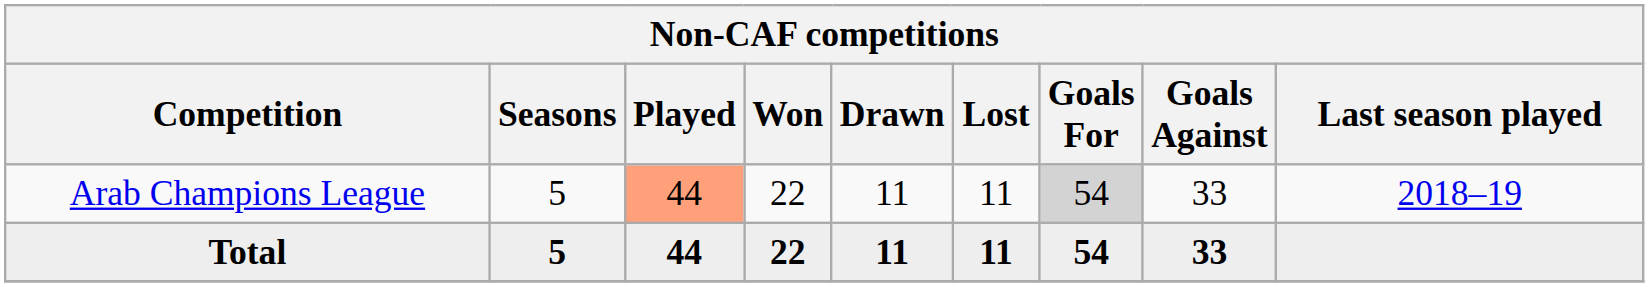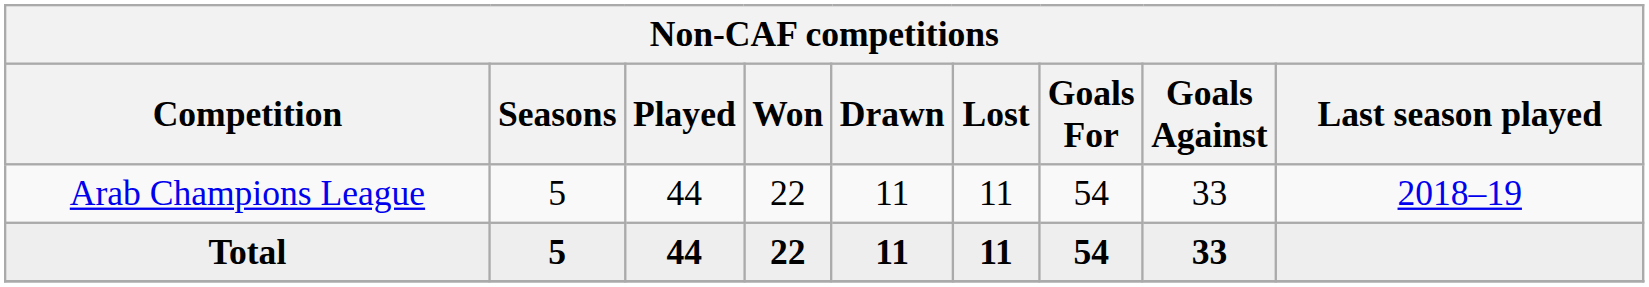 <table class="wikitable" style="font-size:95%; text-align: center;">
 <tr>
 <th colspan="9">Non-CAF competitions</th>
 </tr>
 <tr>
 <th width="200">Competition</th>
 <th width="30">Seasons</th>
 <th width="30">Played</th>
 <th width="30">Won</th>
 <th width="30">Drawn</th>
 <th width="30">Lost</th>
 <th width="30">Goals For</th>
 <th width="30">Goals Against</th>
 <th width="150">Last season played</th>
 </tr>
 <tr>
 <td><a href='#'>Arab Champions League</a></td>
 <td>5</td>
-<td style="background: lightsalmon;">44</td>
+<td>44</td>
 <td>22</td>
 <td>11</td>
 <td>11</td>
-<td style="background: lightgrey;">54</td>
+<td>54</td>
 <td>33</td>
 <td><a href='#'>2018–19</a></td>
 </tr>
 <tr bgcolor=#EEEEEE>
 <td><strong>Total</strong></td>
 <td><strong>5</strong></td>
 <td><strong>44</strong></td>
 <td><strong>22</strong></td>
 <td><strong>11</strong></td>
 <td><strong>11</strong></td>
 <td><strong>54</strong></td>
 <td><strong>33</strong></td>
 <td></td>
 </tr>
 <tr>
 </tr>
 </table>
